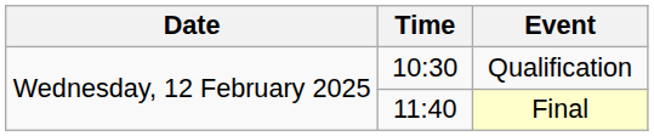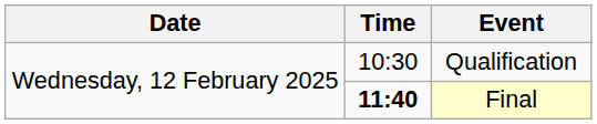 <table class = "wikitable" style="text-align:center;">
 <tr>
 <th width=220>Date</th>
 <th width=50>Time</th>
 <th width=100>Event</th>
 </tr>
 <tr>
 <td rowspan=2>Wednesday, 12 February 2025</td>
 <td>10:30</td>
 <td>Qualification</td>
 </tr>
 <tr>
-<td>11:40</td>
+<td><strong>11:40</strong></td>
 <td bgcolor=ffffcc>Final</td>
 </tr>
 </table>
